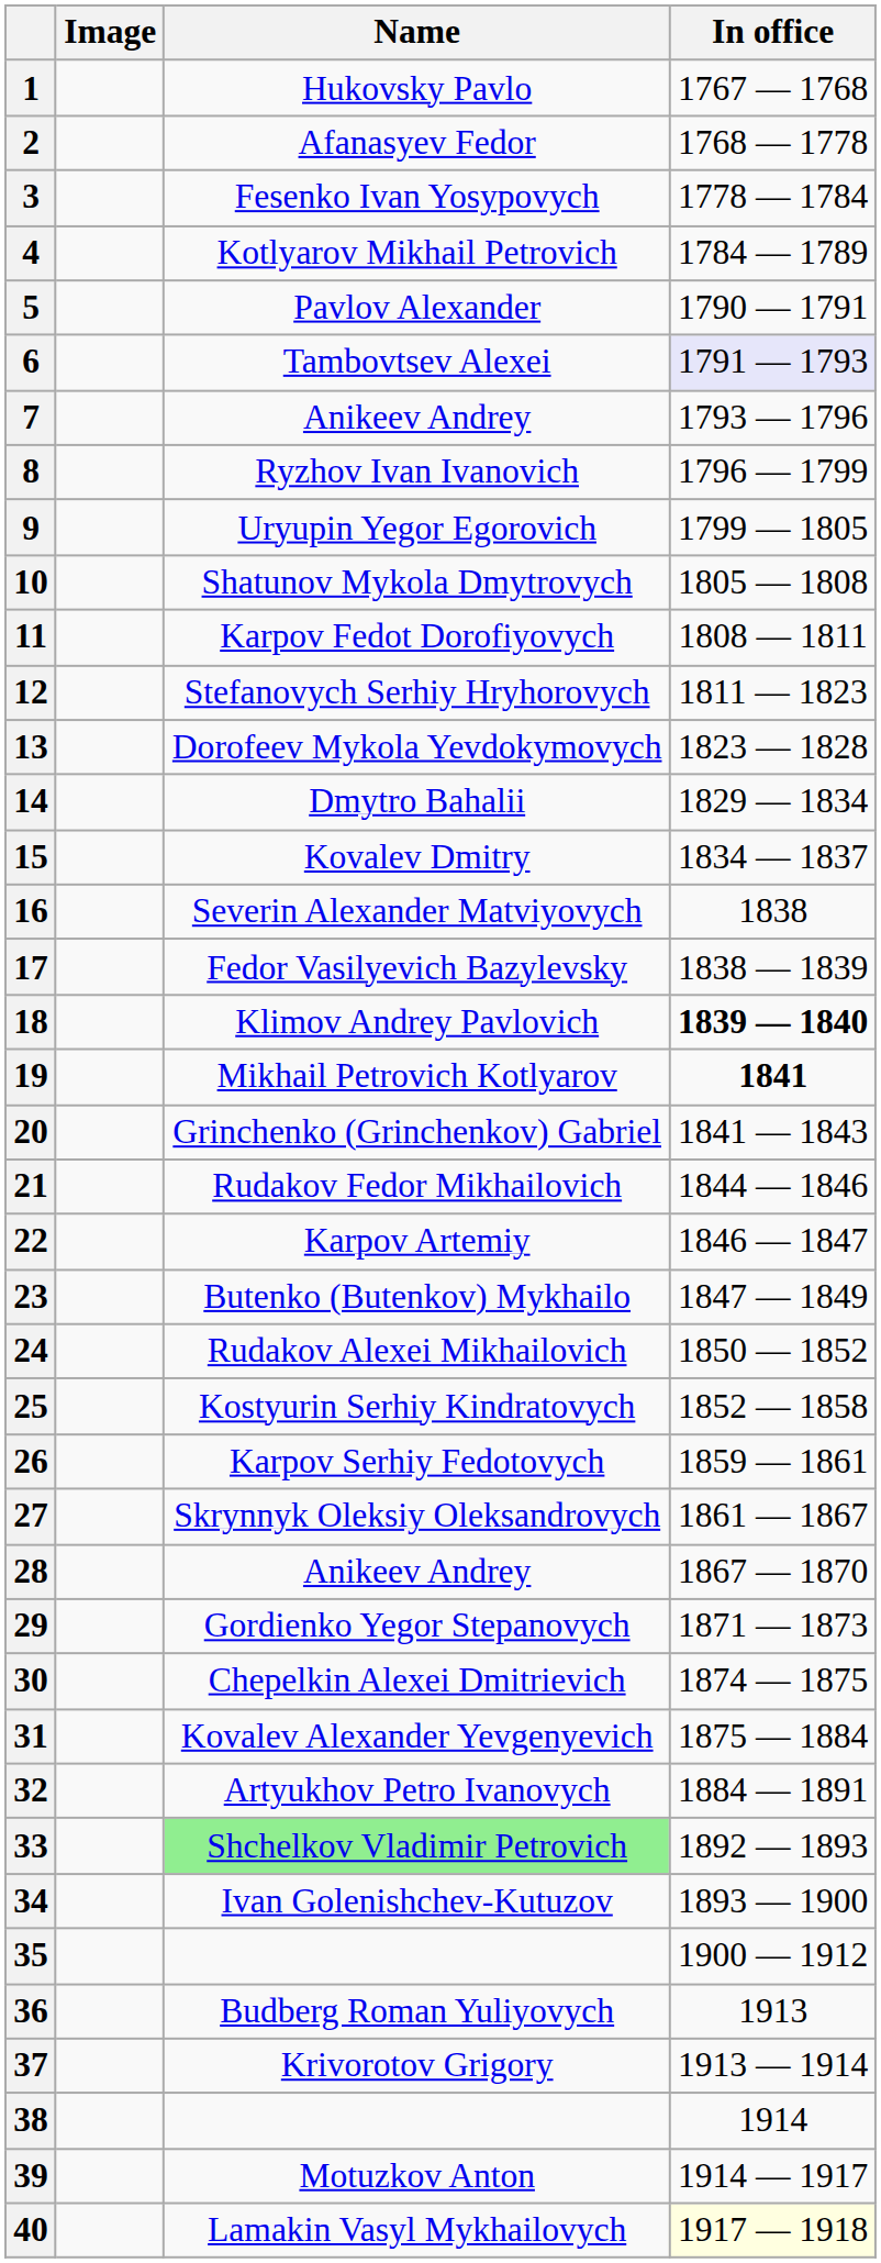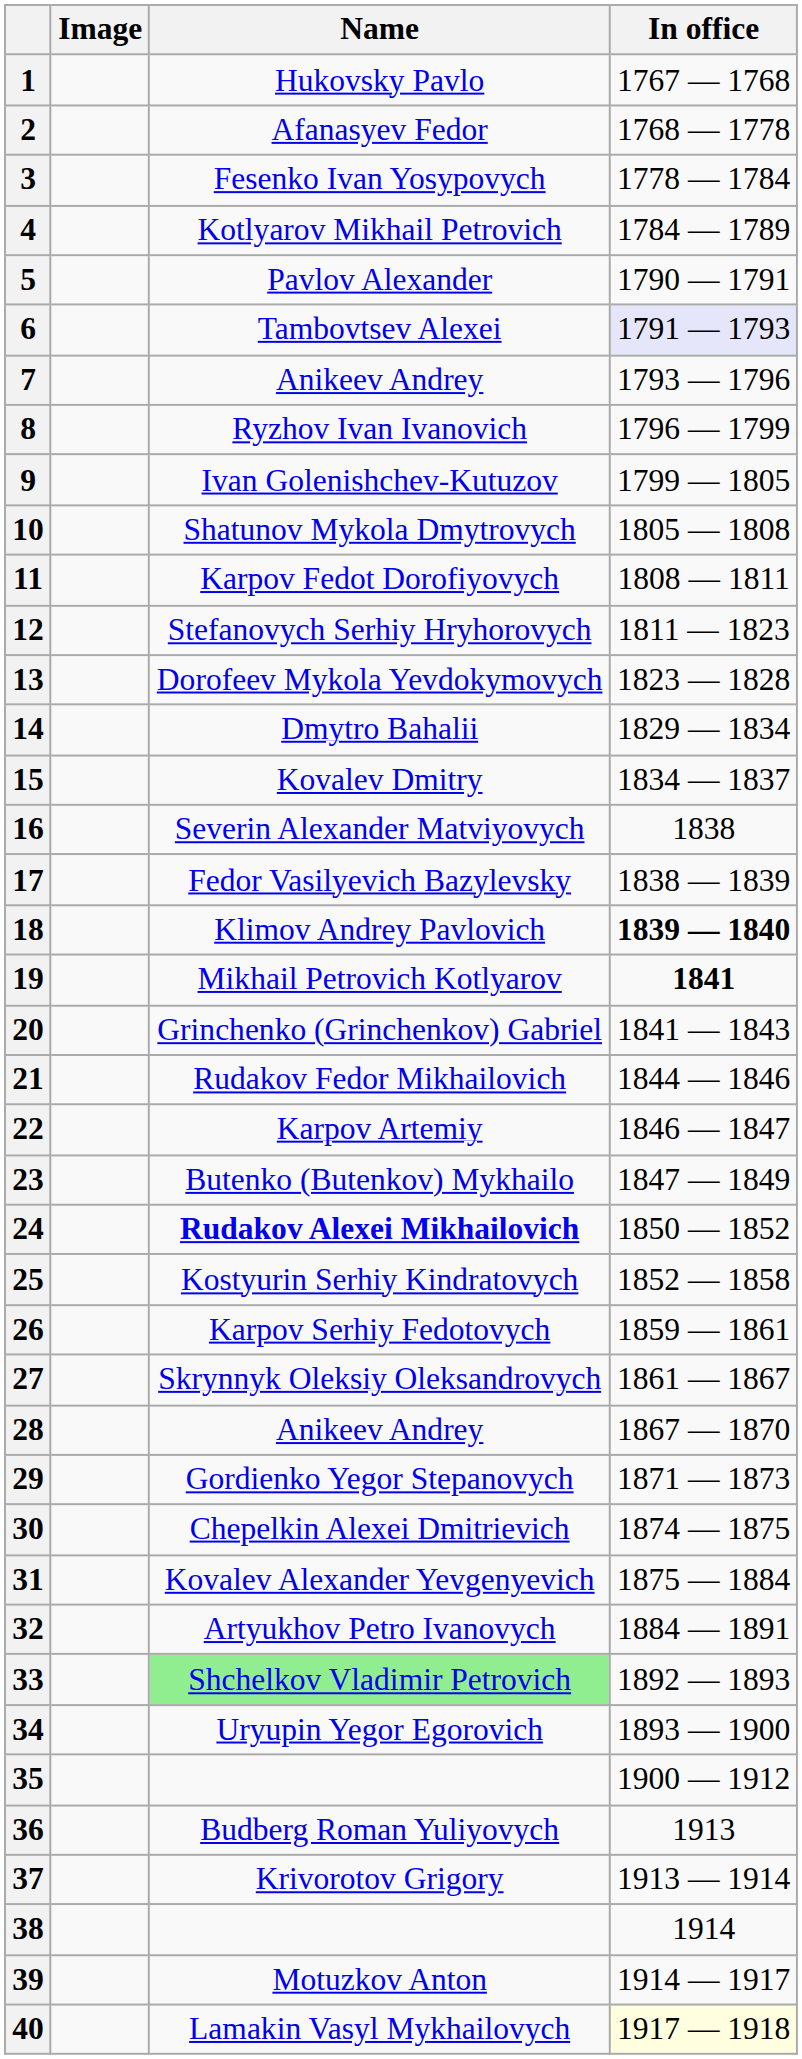 <table class="wikitable" style="text-align:center">
 <tr>
 <th></th>
 <th>Image</th>
 <th>Name</th>
 <th>In office</th>
 </tr>
 <tr>
 <th style="background:">1</th>
 <td></td>
 <td><a href='#'>Hukovsky Pavlo</a></td>
 <td>1767 — 1768</td>
 </tr>
 <tr>
 <th style="background:">2</th>
 <td></td>
 <td><a href='#'>Afanasyev Fedor</a></td>
 <td>1768 — 1778</td>
 </tr>
 <tr>
 <th style="background:">3</th>
 <td></td>
 <td><a href='#'>Fesenko Ivan Yosypovych</a></td>
 <td>1778 — 1784</td>
 </tr>
 <tr>
 <th style="background:">4</th>
 <td></td>
 <td><a href='#'>Kotlyarov Mikhail Petrovich</a></td>
 <td>1784 — 1789</td>
 </tr>
 <tr>
 <th style="background:">5</th>
 <td></td>
 <td><a href='#'>Pavlov Alexander</a></td>
 <td>1790 — 1791</td>
 </tr>
 <tr>
 <th style="background:">6</th>
 <td></td>
 <td><a href='#'>Tambovtsev Alexei</a></td>
 <td style="background: lavender;">1791 — 1793</td>
 </tr>
 <tr>
 <th style="background:">7</th>
 <td></td>
 <td><a href='#'>Anikeev Andrey</a></td>
 <td>1793 — 1796</td>
 </tr>
 <tr>
 <th style="background:">8</th>
 <td></td>
 <td><a href='#'>Ryzhov Ivan Ivanovich</a></td>
 <td>1796 — 1799</td>
 </tr>
 <tr>
 <th style="background:">9</th>
 <td></td>
-<td><a href='#'>Uryupin Yegor Egorovich</a></td>
+<td><a href='#'>Ivan Golenishchev-Kutuzov</a></td>
 <td>1799 — 1805</td>
 </tr>
 <tr>
 <th style="background:">10</th>
 <td></td>
 <td><a href='#'>Shatunov Mykola Dmytrovych</a></td>
 <td>1805 — 1808</td>
 </tr>
 <tr>
 <th style="background:">11</th>
 <td></td>
 <td><a href='#'>Karpov Fedot Dorofiyovych</a></td>
 <td>1808 — 1811</td>
 </tr>
 <tr>
 <th style="background:">12</th>
 <td></td>
 <td><a href='#'>Stefanovych Serhiy Hryhorovych</a></td>
 <td>1811 — 1823</td>
 </tr>
 <tr>
 <th style="background:">13</th>
 <td></td>
 <td><a href='#'>Dorofeev Mykola Yevdokymovych</a></td>
 <td>1823 — 1828</td>
 </tr>
 <tr>
 <th style="background:">14</th>
 <td></td>
 <td><a href='#'>Dmytro Bahalii</a></td>
 <td>1829 — 1834</td>
 </tr>
 <tr>
 <th style="background:">15</th>
 <td></td>
 <td><a href='#'>Kovalev Dmitry</a></td>
 <td>1834 — 1837</td>
 </tr>
 <tr>
 <th style="background:">16</th>
 <td></td>
 <td><a href='#'>Severin Alexander Matviyovych</a></td>
 <td>1838</td>
 </tr>
 <tr>
 <th style="background:">17</th>
 <td></td>
 <td><a href='#'>Fedor Vasilyevich Bazylevsky</a></td>
 <td>1838 — 1839</td>
 </tr>
 <tr>
 <th style="background:">18</th>
 <td></td>
 <td><a href='#'>Klimov Andrey Pavlovich</a></td>
 <td><strong>1839 — 1840</strong></td>
 </tr>
 <tr>
 <th style="background:">19</th>
 <td></td>
 <td><a href='#'>Mikhail Petrovich Kotlyarov</a></td>
 <td><strong>1841</strong></td>
 </tr>
 <tr>
 <th style="background:">20</th>
 <td></td>
 <td><a href='#'>Grinchenko (Grinchenkov) Gabriel</a></td>
 <td>1841 — 1843</td>
 </tr>
 <tr>
 <th style="background:">21</th>
 <td></td>
 <td><a href='#'>Rudakov Fedor Mikhailovich</a></td>
 <td>1844 — 1846</td>
 </tr>
 <tr>
 <th style="background:">22</th>
 <td></td>
 <td><a href='#'>Karpov Artemiy</a></td>
 <td>1846 — 1847</td>
 </tr>
 <tr>
 <th style="background:">23</th>
 <td></td>
 <td><a href='#'>Butenko (Butenkov) Mykhailo</a></td>
 <td>1847 — 1849</td>
 </tr>
 <tr>
 <th style="background:">24</th>
 <td></td>
-<td><a href='#'>Rudakov Alexei Mikhailovich</a></td>
+<td><strong><a href='#'>Rudakov Alexei Mikhailovich</a></strong></td>
 <td>1850 — 1852</td>
 </tr>
 <tr>
 <th style="background:">25</th>
 <td></td>
 <td><a href='#'>Kostyurin Serhiy Kindratovych</a></td>
 <td>1852 — 1858</td>
 </tr>
 <tr>
 <th style="background:">26</th>
 <td></td>
 <td><a href='#'>Karpov Serhiy Fedotovych</a></td>
 <td>1859 — 1861</td>
 </tr>
 <tr>
 <th style="background:">27</th>
 <td></td>
 <td><a href='#'>Skrynnyk Oleksiy Oleksandrovych</a></td>
 <td>1861 — 1867</td>
 </tr>
 <tr>
 <th style="background:">28</th>
 <td></td>
 <td><a href='#'>Anikeev Andrey</a></td>
 <td>1867 — 1870</td>
 </tr>
 <tr>
 <th style="background:">29</th>
 <td></td>
 <td><a href='#'>Gordienko Yegor Stepanovych</a></td>
 <td>1871 — 1873</td>
 </tr>
 <tr>
 <th style="background:">30</th>
 <td></td>
 <td><a href='#'>Chepelkin Alexei Dmitrievich</a></td>
 <td>1874 — 1875</td>
 </tr>
 <tr>
 <th style="background:">31</th>
 <td></td>
 <td><a href='#'>Kovalev Alexander Yevgenyevich</a></td>
 <td>1875 — 1884</td>
 </tr>
 <tr>
 <th style="background:">32</th>
 <td></td>
 <td><a href='#'>Artyukhov Petro Ivanovych</a></td>
 <td>1884 — 1891</td>
 </tr>
 <tr>
 <th style="background:">33</th>
 <td></td>
 <td style="background: lightgreen;"><a href='#'>Shchelkov Vladimir Petrovich</a></td>
 <td>1892 — 1893</td>
 </tr>
 <tr>
 <th style="background:">34</th>
 <td></td>
-<td><a href='#'>Ivan Golenishchev-Kutuzov</a></td>
+<td><a href='#'>Uryupin Yegor Egorovich</a></td>
 <td>1893 — 1900</td>
 </tr>
 <tr>
 <th style="background:">35</th>
 <td></td>
 <td></td>
 <td>1900 — 1912</td>
 </tr>
 <tr>
 <th style="background:">36</th>
 <td></td>
 <td><a href='#'>Budberg Roman Yuliyovych</a></td>
 <td>1913</td>
 </tr>
 <tr>
 <th style="background:">37</th>
 <td></td>
 <td><a href='#'>Krivorotov Grigory</a></td>
 <td>1913 — 1914</td>
 </tr>
 <tr>
 <th style="background:">38</th>
 <td></td>
 <td></td>
 <td>1914</td>
 </tr>
 <tr>
 <th style="background:">39</th>
 <td></td>
 <td><a href='#'>Motuzkov Anton</a></td>
 <td>1914 — 1917</td>
 </tr>
 <tr>
 <th style="background:">40</th>
 <td></td>
 <td><a href='#'>Lamakin Vasyl Mykhailovych</a></td>
 <td style="background: lightyellow;">1917 — 1918</td>
 </tr>
 </table>
